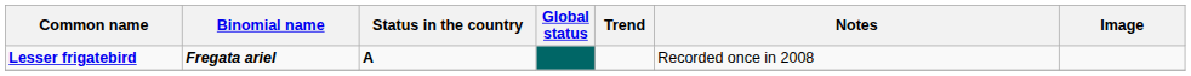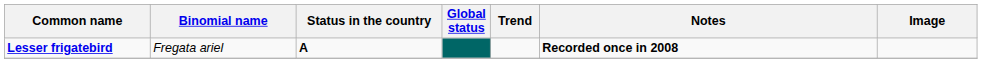 <table class="wikitable sortable">
 <tr>
 <th width="15%">Common name</th>
 <th width="15%"><a href='#'>Binomial name</a></th>
 <th data-sort-type="number" width="15%">Status in the country</th>
 <th width="5%"><a href='#'>Global status</a></th>
 <th width="5%">Trend</th>
 <th class="unsortable">Notes</th>
 <th class="unsortable">Image</th>
 </tr>
 <tr>
 <td><strong><a href='#'>Lesser frigatebird</a></strong></td>
-<td><strong><em>Fregata ariel</em></strong></td>
+<td><em>Fregata ariel</em></td>
 <td><strong>A</strong></td>
 <td align=center style="background: #006666"></td>
 <td align=center></td>
-<td>Recorded once in 2008</td>
+<td><strong>Recorded once in 2008</strong></td>
 <td></td>
 </tr>
 <tr>
 </tr>
 </table>
